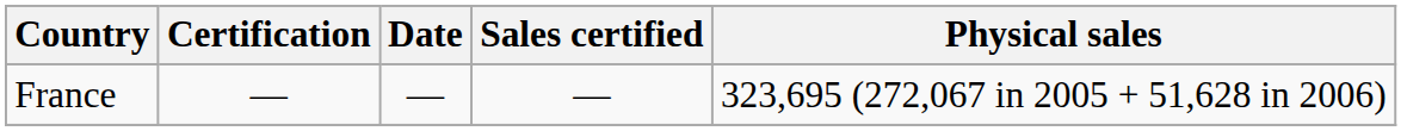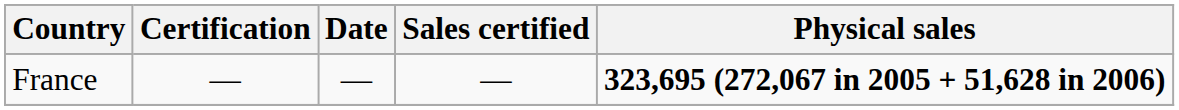 <table class="wikitable sortable">
 <tr>
 <th bgcolor="#ebf5ff">Country</th>
 <th bgcolor="#ebf5ff">Certification</th>
 <th bgcolor="#ebf5ff">Date</th>
 <th bgcolor="#ebf5ff">Sales certified</th>
 <th bgcolor="#ebf5ff">Physical sales</th>
 </tr>
 <tr>
 <td>France</td>
 <td align="center">—</td>
 <td align="center">—</td>
 <td align="center">—</td>
-<td align="center">323,695 (272,067 in 2005 + 51,628 in 2006)</td>
+<td align="center"><strong>323,695 (272,067 in 2005 + 51,628 in 2006)</strong></td>
 </tr>
 <tr>
 </tr>
 </table>
